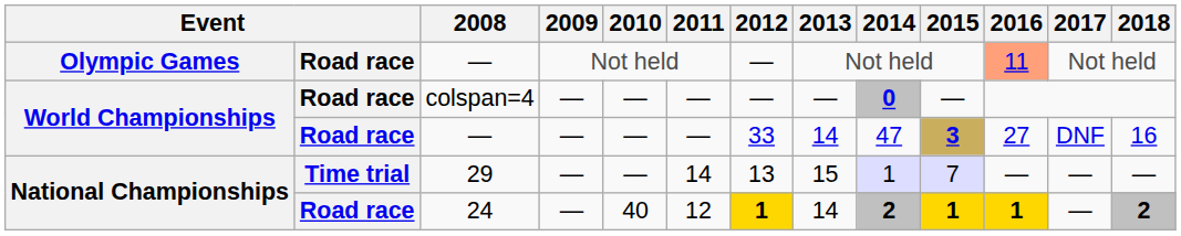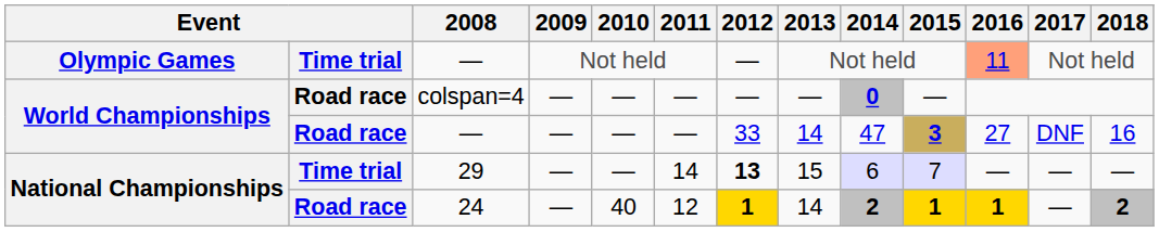 <table class="wikitable plainrowheaders">
 <tr style="background:#EEEEEE;">
 <th scope="col" colspan=2>Event</th>
 <th>2008</th>
 <th>2009</th>
 <th>2010</th>
 <th>2011</th>
 <th>2012</th>
 <th>2013</th>
 <th>2014</th>
 <th>2015</th>
 <th>2016</th>
 <th>2017</th>
 <th>2018</th>
 </tr>
 <tr style="text-align:center;">
 <th scope="row"> <a href='#'>Olympic Games</a></th>
-<th scope="row">Road race</th>
+<th scope="row"><a href='#'>Time trial</a></th>
 <td>—</td>
 <td style="color:#4d4d4d;" colspan=3>Not held</td>
 <td>—</td>
 <td style="color:#4d4d4d;" colspan=3>Not held</td>
 <td style="background: lightsalmon;"><a href='#'>11</a></td>
 <td style="color:#4d4d4d;" colspan=2>Not held</td>
 </tr>
 <tr style="text-align:center;">
 <th scope="row" rowspan=2> <a href='#'>World Championships</a></th>
 <th scope="row">Road race</th>
 <td>colspan=4 </td>
 <td>—</td>
 <td>—</td>
 <td>—</td>
 <td>—</td>
 <td>—</td>
 <th style="background:silver;"><a href='#'>0</a></th>
 <td>—</td>
 </tr>
 <tr style="text-align:center;">
 <th scope="row"><a href='#'>Road race</a></th>
 <td>—</td>
 <td>—</td>
 <td>—</td>
 <td>—</td>
 <td><a href='#'>33</a></td>
 <td><a href='#'>14</a></td>
 <td><a href='#'>47</a></td>
 <th style="background:#C9AE5D;"><a href='#'>3</a></th>
 <td><a href='#'>27</a></td>
 <td><a href='#'>DNF</a></td>
 <td><a href='#'>16</a></td>
 </tr>
 <tr style="text-align:center;">
 <th scope="row" rowspan=2> National Championships</th>
 <th scope="row"><a href='#'>Time trial</a></th>
 <td>29</td>
 <td>—</td>
 <td>—</td>
 <td>14</td>
-<td>13</td>
+<td><strong>13</strong></td>
 <td>15</td>
-<td style="background:#ddf;">1</td>
+<td style="background:#ddf;">6</td>
 <td style="background:#ddf;">7</td>
 <td>—</td>
 <td>—</td>
 <td>—</td>
 </tr>
 <tr style="text-align:center;">
 <th scope="row"><a href='#'>Road race</a></th>
 <td>24</td>
 <td>—</td>
 <td>40</td>
 <td>12</td>
 <th style="background:gold;">1</th>
 <td>14</td>
 <th style="background:silver;">2</th>
 <th style="background:gold;">1</th>
 <th style="background:gold;">1</th>
 <td>—</td>
 <th style="background:silver;">2</th>
 </tr>
 </table>
